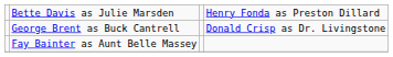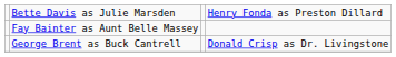 <table class="wikitable">
 <tr>
 <td></td>
 <td><a href='#'>Bette Davis</a> as Julie Marsden</td>
 <td></td>
 <td><a href='#'>Henry Fonda</a> as Preston Dillard</td>
 </tr>
 <tr>
 <td></td>
+<td><a href='#'>Fay Bainter</a> as Aunt Belle Massey</td>
+<td></td>
+<td></td>
+</tr>
+<tr>
+<td></td>
 <td><a href='#'>George Brent</a> as Buck Cantrell</td>
 <td></td>
 <td><a href='#'>Donald Crisp</a> as Dr. Livingstone</td>
 </tr>
 <tr>
-<td></td>
-<td><a href='#'>Fay Bainter</a> as Aunt Belle Massey</td>
-<td></td>
-<td></td>
-</tr>
-<tr>
 </tr>
 </table>
